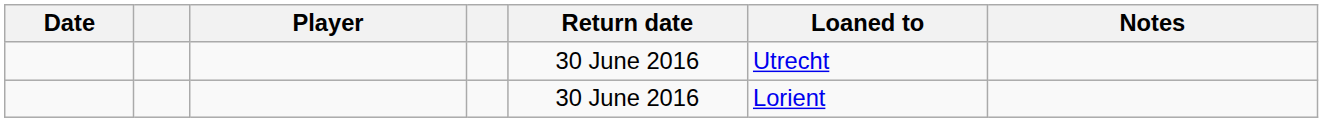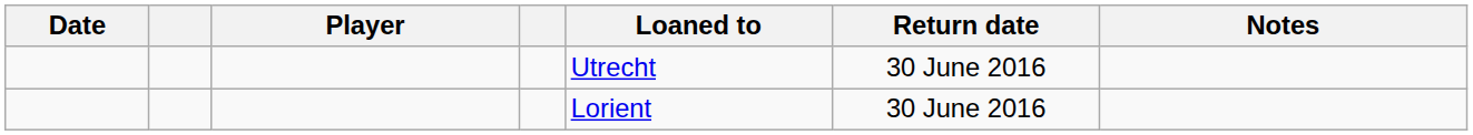 <table class="wikitable sortable">
 <tr>
 <th style="width:80px;">Date</th>
 <th style="width:30px;"></th>
 <th style="width:180px;">Player</th>
 <th style="width:20px;"></th>
+<th style="width:155px;">Loaned to</th>
 <th style="width:155px;" class="unsortable">Return date</th>
-<th style="width:155px;">Loaned to</th>
 <th style="width:215px;" class="unsortable">Notes</th>
 </tr>
 <tr>
 <td></td>
 <td align=center></td>
 <td> </td>
 <td></td>
+<td> <a href='#'>Utrecht</a></td>
 <td align=center>30 June 2016</td>
-<td> <a href='#'>Utrecht</a></td>
 <td align=center></td>
 </tr>
 <tr>
 <td></td>
 <td align=center></td>
 <td> </td>
 <td></td>
+<td> <a href='#'>Lorient</a></td>
 <td align=center>30 June 2016</td>
-<td> <a href='#'>Lorient</a></td>
 <td align=center></td>
 </tr>
 </table>
